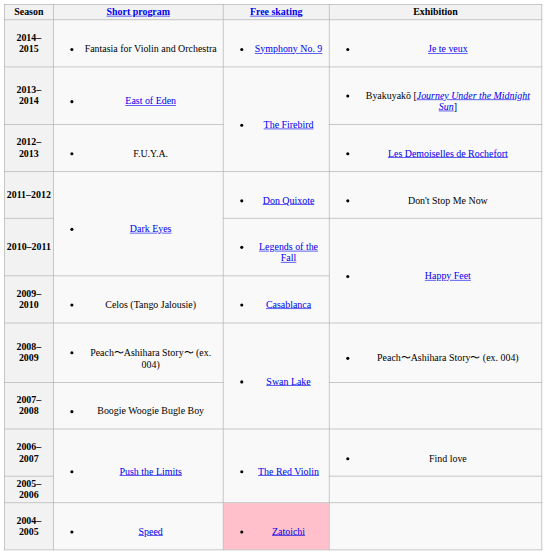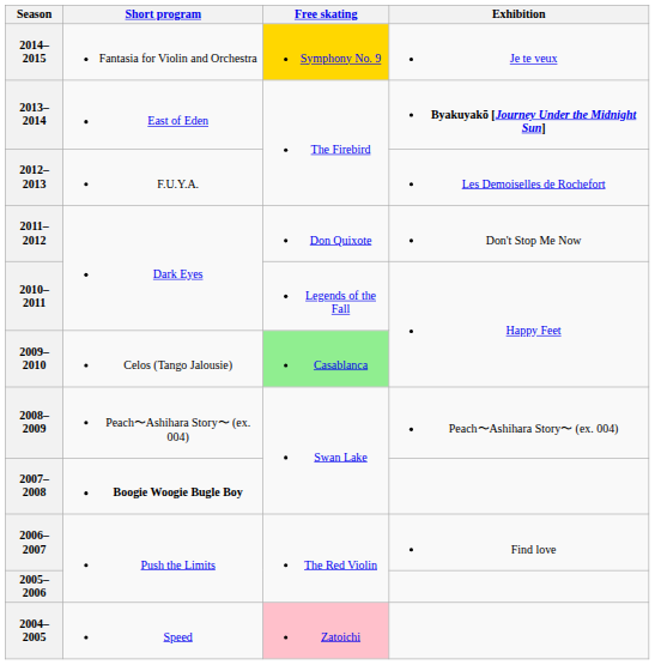 <table class= "wikitable" style="text-align:center">
 <tr>
 <th>Season</th>
 <th><a href='#'>Short program</a></th>
 <th><a href='#'>Free skating</a></th>
 <th>Exhibition</th>
 </tr>
 <tr>
 <th>2014–2015 <br></th>
 <td><br><ul><li>Fantasia for Violin and Orchestra <br></li></ul></td>
-<td><br><ul><li><a href='#'>Symphony No. 9</a> <br></li></ul></td>
+<td style="background: gold;"><br><ul><li><a href='#'>Symphony No. 9</a> <br></li></ul></td>
 <td><br><ul><li><a href='#'>Je te veux</a> <br></li></ul></td>
 </tr>
 <tr>
 <th>2013–2014 <br> </th>
 <td><br><ul><li><a href='#'>East of Eden</a> <br></li></ul></td>
 <td rowspan=2><br><ul><li><a href='#'>The Firebird</a> <br></li></ul></td>
-<td><br><ul><li>Byakuyakō [<em><a href='#'>Journey Under the Midnight Sun</a></em>]<br></li></ul></td>
+<td><strong><br><ul><li>Byakuyakō [<em><a href='#'>Journey Under the Midnight Sun</a></em>]<br></li></ul></strong></td>
 </tr>
 <tr>
 <th>2012–2013 <br> </th>
 <td><br><ul><li>F.U.Y.A. <br></li></ul></td>
 <td><br><ul><li><a href='#'>Les Demoiselles de Rochefort</a> <br></li></ul></td>
 </tr>
 <tr>
 <th>2011–2012 <br> </th>
 <td rowspan=2><br><ul><li><a href='#'>Dark Eyes</a> <br></li></ul></td>
 <td><br><ul><li><a href='#'>Don Quixote</a> <br></li></ul></td>
 <td><br><ul><li>Don't Stop Me Now <br></li></ul></td>
 </tr>
 <tr>
 <th>2010–2011</th>
 <td><br><ul><li><a href='#'>Legends of the Fall</a> <br></li></ul></td>
 <td rowspan=2><br><ul><li><a href='#'>Happy Feet</a> <br></li></ul></td>
 </tr>
 <tr>
 <th>2009–2010 <br> </th>
 <td><br><ul><li>Celos (Tango Jalousie) <br></li></ul></td>
-<td><br><ul><li><a href='#'>Casablanca</a> <br></li></ul></td>
+<td style="background: lightgreen;"><br><ul><li><a href='#'>Casablanca</a> <br></li></ul></td>
 </tr>
 <tr>
 <th>2008–2009</th>
 <td><br><ul><li>Peach〜Ashihara Story〜  (ex. 004) <br></li></ul></td>
 <td rowspan=2><br><ul><li><a href='#'>Swan Lake</a> <br></li></ul></td>
 <td><br><ul><li>Peach〜Ashihara Story〜  (ex. 004) <br></li></ul></td>
 </tr>
 <tr>
 <th>2007–2008 <br> </th>
-<td><br><ul><li>Boogie Woogie Bugle Boy <br></li></ul></td>
+<td><strong><br><ul><li>Boogie Woogie Bugle Boy <br></li></ul></strong></td>
 <td></td>
 </tr>
 <tr>
 <th>2006–2007 <br> </th>
 <td rowspan=2><br><ul><li><a href='#'>Push the Limits</a> <br></li></ul></td>
 <td rowspan=2><br><ul><li><a href='#'>The Red Violin</a> <br></li></ul></td>
 <td><br><ul><li>Find love <br></li></ul></td>
 </tr>
 <tr>
 <th>2005–2006</th>
 </tr>
 <tr>
 <th>2004–2005</th>
 <td><br><ul><li><a href='#'>Speed</a> <br></li></ul></td>
 <td style="background: pink;"><br><ul><li><a href='#'>Zatoichi</a> <br></li></ul></td>
 <td></td>
 </tr>
 </table>
